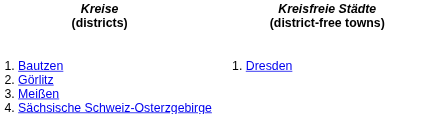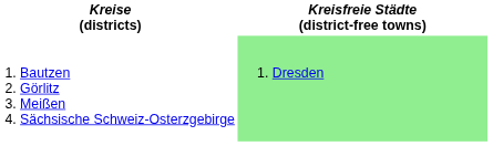 <table>
 <tr>
 <th width="50%"><em>Kreise</em><br>(districts)</th>
 <th width="50%"><em>Kreisfreie Städte</em><br>(district-free towns)</th>
 </tr>
 <tr>
 <td valign="top"><br><ol><li><a href='#'>Bautzen</a></li><li><a href='#'>Görlitz</a></li><li><a href='#'>Meißen</a></li><li><a href='#'>Sächsische Schweiz-Osterzgebirge</a></li></ol></td>
-<td valign="top"><br><ol><li><a href='#'>Dresden</a></li></ol></td>
+<td valign="top" style="background: lightgreen;"><br><ol><li><a href='#'>Dresden</a></li></ol></td>
 </tr>
 </table>
